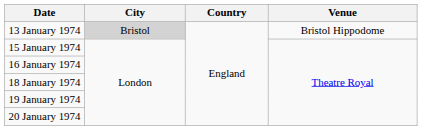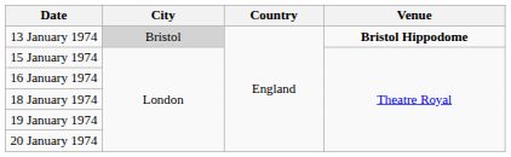 <table class="wikitable" style="text-align:center;">
 <tr>
 <th width="150">Date</th>
 <th width="200">City</th>
 <th width="150">Country</th>
 <th width="300">Venue</th>
 </tr>
 <tr>
 <td>13 January 1974</td>
 <td style="background: lightgrey;">Bristol</td>
 <td rowspan="6">England</td>
-<td>Bristol Hippodome</td>
+<td><strong>Bristol Hippodome</strong></td>
 </tr>
 <tr>
 <td>15 January 1974</td>
 <td rowspan="5">London</td>
 <td rowspan="5"><a href='#'>Theatre Royal</a></td>
 </tr>
 <tr>
 <td>16 January 1974</td>
 </tr>
 <tr>
 <td>18 January 1974</td>
 </tr>
 <tr>
 <td>19 January 1974</td>
 </tr>
 <tr>
 <td>20 January 1974</td>
 </tr>
 </table>
